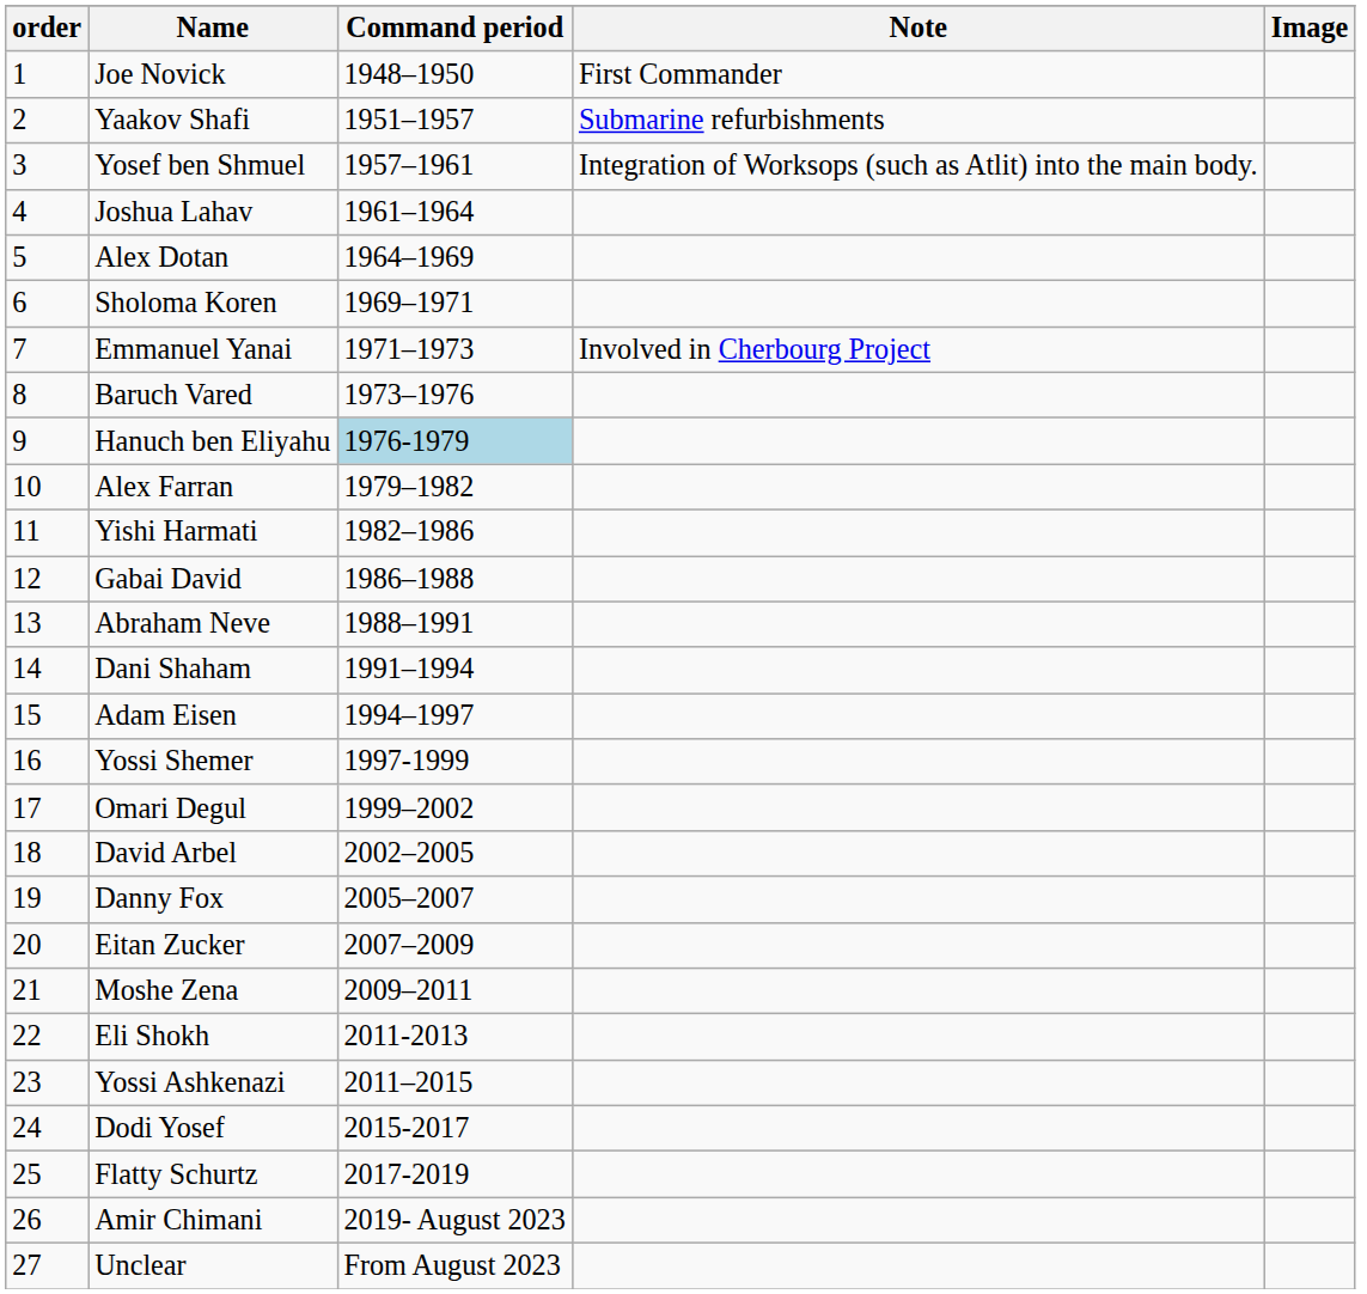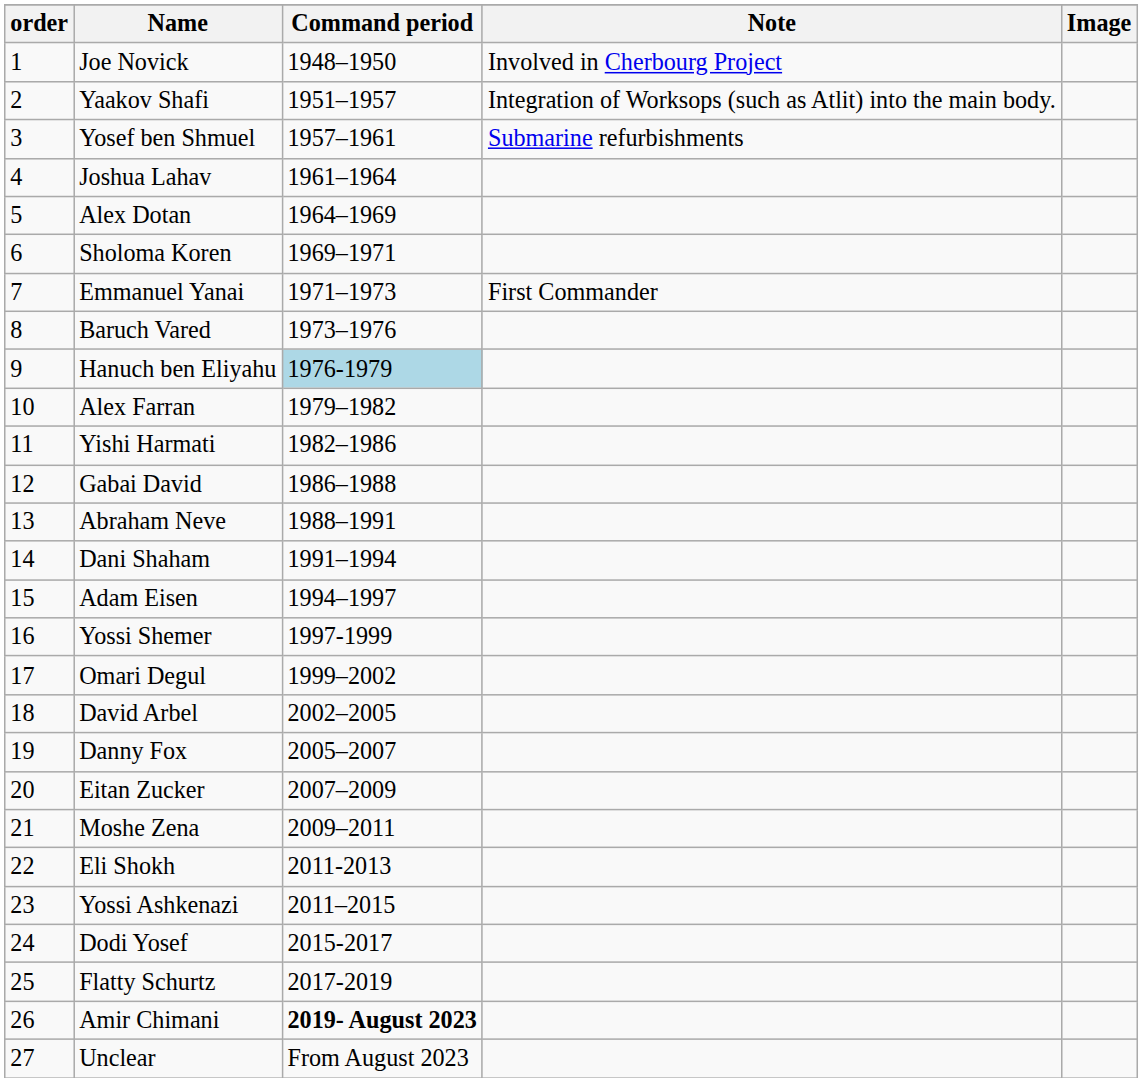 <table border="1" align="center" class="wikitable mw-collapsible mw-collapsed">
 <tr>
 </tr>
 <tr>
 <th>order</th>
 <th>Name</th>
 <th>Command period</th>
 <th>Note</th>
 <th>Image</th>
 </tr>
 <tr>
 <td>1</td>
 <td>Joe Novick</td>
 <td>1948–1950</td>
-<td>First Commander</td>
+<td>Involved in <a href='#'>Cherbourg Project</a></td>
 </tr>
 <tr>
 <td>2</td>
 <td>Yaakov Shafi</td>
 <td>1951–1957</td>
-<td><a href='#'>Submarine</a> refurbishments</td>
+<td>Integration of Worksops (such as Atlit) into the main body.</td>
 <td></td>
 </tr>
 <tr>
 <td>3</td>
 <td>Yosef ben Shmuel</td>
 <td>1957–1961</td>
-<td>Integration of Worksops (such as Atlit) into the main body.</td>
+<td><a href='#'>Submarine</a> refurbishments</td>
 <td></td>
 </tr>
 <tr>
 <td>4</td>
 <td>Joshua Lahav</td>
 <td>1961–1964</td>
 <td></td>
 <td></td>
 </tr>
 <tr>
 <td>5</td>
 <td>Alex Dotan</td>
 <td>1964–1969</td>
 <td></td>
 <td></td>
 </tr>
 <tr>
 <td>6</td>
 <td>Sholoma Koren</td>
 <td>1969–1971</td>
 <td></td>
 <td></td>
 </tr>
 <tr>
 <td>7</td>
 <td>Emmanuel Yanai</td>
 <td>1971–1973</td>
-<td>Involved in <a href='#'>Cherbourg Project</a></td>
+<td>First Commander</td>
 <td></td>
 </tr>
 <tr>
 <td>8</td>
 <td>Baruch Vared</td>
 <td>1973–1976</td>
 <td></td>
 <td></td>
 </tr>
 <tr>
 <td>9</td>
 <td>Hanuch ben Eliyahu</td>
 <td style="background: lightblue;">1976-1979</td>
 <td></td>
 <td></td>
 </tr>
 <tr>
 <td>10</td>
 <td>Alex Farran</td>
 <td>1979–1982</td>
 <td></td>
 <td></td>
 </tr>
 <tr>
 <td>11</td>
 <td>Yishi Harmati</td>
 <td>1982–1986</td>
 <td></td>
 <td></td>
 </tr>
 <tr>
 <td>12</td>
 <td>Gabai David</td>
 <td>1986–1988</td>
 <td></td>
 <td></td>
 </tr>
 <tr>
 <td>13</td>
 <td>Abraham Neve</td>
 <td>1988–1991</td>
 <td></td>
 <td></td>
 </tr>
 <tr>
 <td>14</td>
 <td>Dani Shaham</td>
 <td>1991–1994</td>
 <td></td>
 <td></td>
 </tr>
 <tr>
 <td>15</td>
 <td>Adam Eisen</td>
 <td>1994–1997</td>
 <td></td>
 <td></td>
 </tr>
 <tr>
 <td>16</td>
 <td>Yossi Shemer</td>
 <td>1997-1999</td>
 <td></td>
 <td></td>
 </tr>
 <tr>
 <td>17</td>
 <td>Omari Degul</td>
 <td>1999–2002</td>
 <td></td>
 <td></td>
 </tr>
 <tr>
 <td>18</td>
 <td>David Arbel</td>
 <td>2002–2005</td>
 <td></td>
 <td></td>
 </tr>
 <tr>
 <td>19</td>
 <td>Danny Fox</td>
 <td>2005–2007</td>
 <td></td>
 <td></td>
 </tr>
 <tr>
 <td>20</td>
 <td>Eitan Zucker</td>
 <td>2007–2009</td>
 <td></td>
 <td></td>
 </tr>
 <tr>
 <td>21</td>
 <td>Moshe Zena</td>
 <td>2009–2011</td>
 <td></td>
 <td></td>
 </tr>
 <tr>
 <td>22</td>
 <td>Eli Shokh</td>
 <td>2011-2013</td>
 <td></td>
 <td></td>
 </tr>
 <tr>
 <td>23</td>
 <td>Yossi Ashkenazi</td>
 <td>2011–2015</td>
 <td></td>
 <td></td>
 </tr>
 <tr>
 <td>24</td>
 <td>Dodi Yosef</td>
 <td>2015-2017</td>
 <td></td>
 <td></td>
 </tr>
 <tr>
 <td>25</td>
 <td>Flatty Schurtz</td>
 <td>2017-2019</td>
 <td></td>
 <td></td>
 </tr>
 <tr>
 <td>26</td>
 <td>Amir Chimani</td>
-<td>2019- August 2023</td>
+<td><strong>2019- August 2023</strong></td>
 <td></td>
 <td></td>
 </tr>
 <tr>
 <td>27</td>
 <td>Unclear</td>
 <td>From August 2023</td>
 <td></td>
 <td></td>
 </tr>
 <tr>
 </tr>
 </table>
